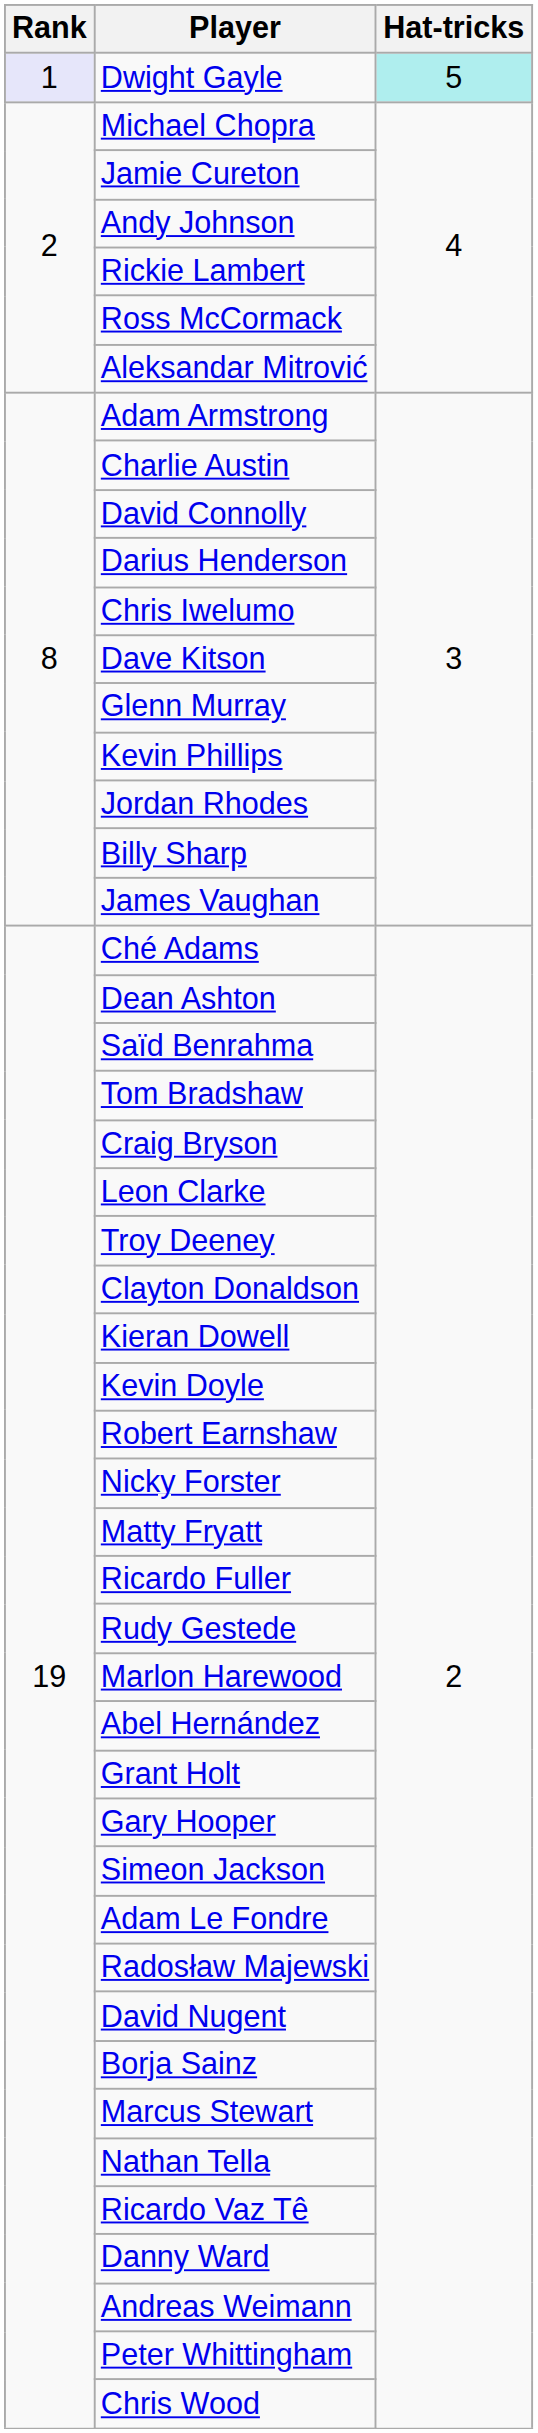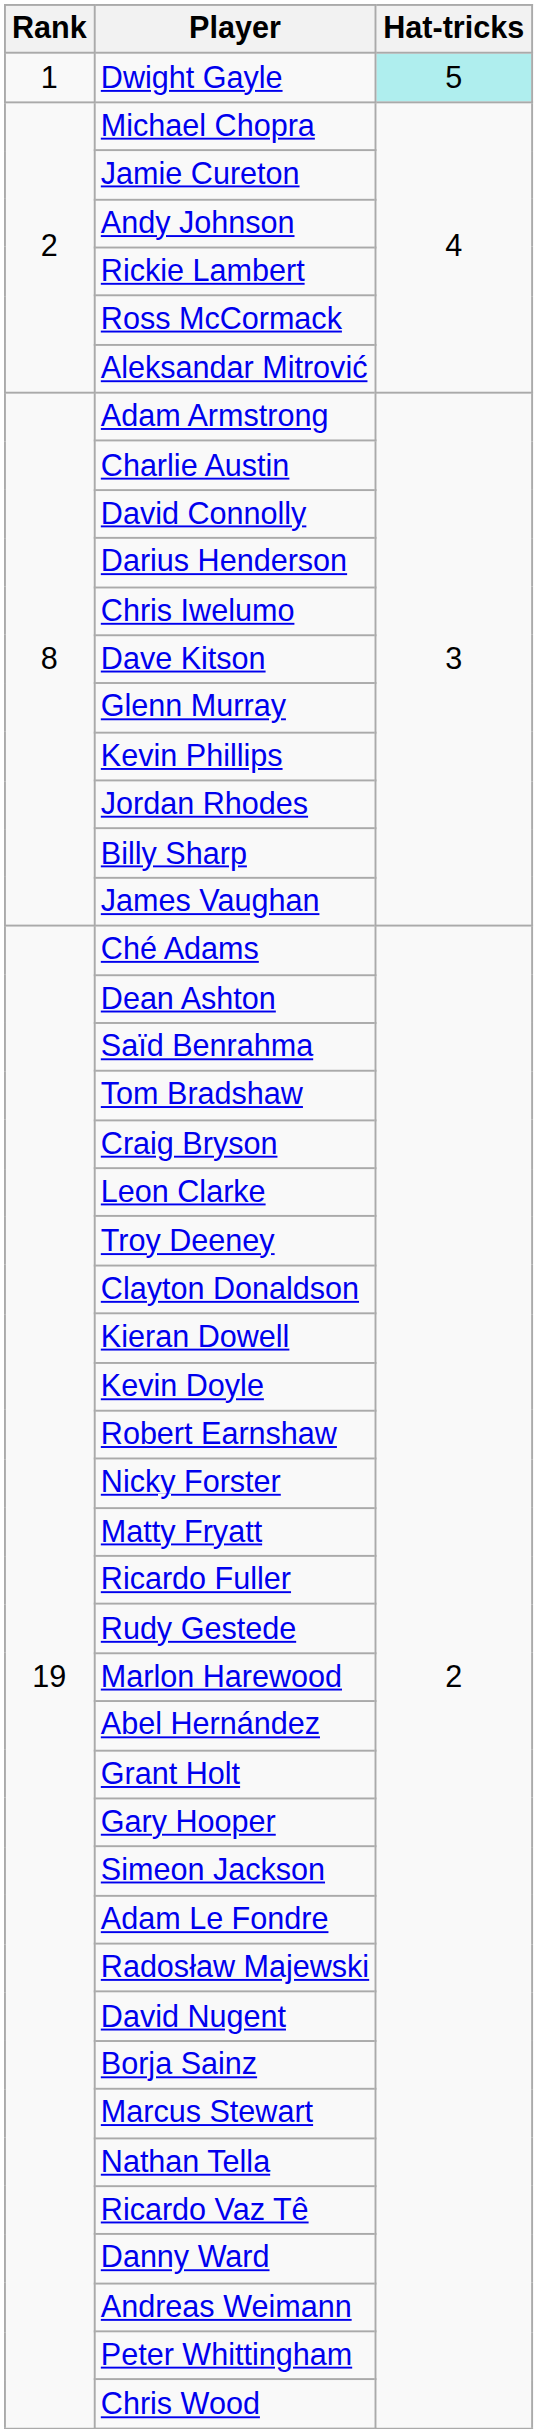 <table class="wikitable">
 <tr>
 <th>Rank</th>
 <th>Player</th>
 <th>Hat-tricks</th>
 </tr>
 <tr>
-<td align="center" style="background: lavender;">1</td>
+<td align="center">1</td>
 <td> <a href='#'>Dwight Gayle</a></td>
 <td rowspan="1" align="center" style="background: paleturquoise;">5</td>
 </tr>
 <tr>
 <td rowspan="6" align="center">2</td>
 <td> <a href='#'>Michael Chopra</a></td>
 <td rowspan="6" align="center">4</td>
 </tr>
 <tr>
 <td> <a href='#'>Jamie Cureton</a></td>
 </tr>
 <tr>
 <td> <a href='#'>Andy Johnson</a></td>
 </tr>
 <tr>
 <td> <a href='#'>Rickie Lambert</a></td>
 </tr>
 <tr>
 <td> <a href='#'>Ross McCormack</a></td>
 </tr>
 <tr>
 <td> <a href='#'>Aleksandar Mitrović</a></td>
 </tr>
 <tr>
 <td align=center rowspan="11">8</td>
 <td> <a href='#'>Adam Armstrong</a></td>
 <td align=center rowspan="11">3</td>
 </tr>
 <tr>
 <td> <a href='#'>Charlie Austin</a></td>
 </tr>
 <tr>
 <td> <a href='#'>David Connolly</a></td>
 </tr>
 <tr>
 <td> <a href='#'>Darius Henderson</a></td>
 </tr>
 <tr>
 <td> <a href='#'>Chris Iwelumo</a></td>
 </tr>
 <tr>
 <td> <a href='#'>Dave Kitson</a></td>
 </tr>
 <tr>
 <td> <a href='#'>Glenn Murray</a></td>
 </tr>
 <tr>
 <td> <a href='#'>Kevin Phillips</a></td>
 </tr>
 <tr>
 <td> <a href='#'>Jordan Rhodes</a></td>
 </tr>
 <tr>
 <td> <a href='#'>Billy Sharp</a></td>
 </tr>
 <tr>
 <td> <a href='#'>James Vaughan</a></td>
 </tr>
 <tr>
 <td align=center rowspan="32">19</td>
 <td> <a href='#'>Ché Adams</a></td>
 <td align=center rowspan="32">2</td>
 </tr>
 <tr>
 <td> <a href='#'>Dean Ashton</a></td>
 </tr>
 <tr>
 <td> <a href='#'>Saïd Benrahma</a></td>
 </tr>
 <tr>
 <td> <a href='#'>Tom Bradshaw</a></td>
 </tr>
 <tr>
 <td> <a href='#'>Craig Bryson</a></td>
 </tr>
 <tr>
 <td> <a href='#'>Leon Clarke</a></td>
 </tr>
 <tr>
 <td> <a href='#'>Troy Deeney</a></td>
 </tr>
 <tr>
 <td> <a href='#'>Clayton Donaldson</a></td>
 </tr>
 <tr>
 <td> <a href='#'>Kieran Dowell</a></td>
 </tr>
 <tr>
 <td> <a href='#'>Kevin Doyle</a></td>
 </tr>
 <tr>
 <td> <a href='#'>Robert Earnshaw</a></td>
 </tr>
 <tr>
 <td> <a href='#'>Nicky Forster</a></td>
 </tr>
 <tr>
 <td> <a href='#'>Matty Fryatt</a></td>
 </tr>
 <tr>
 <td> <a href='#'>Ricardo Fuller</a></td>
 </tr>
 <tr>
 <td> <a href='#'>Rudy Gestede</a></td>
 </tr>
 <tr>
 <td> <a href='#'>Marlon Harewood</a></td>
 </tr>
 <tr>
 <td> <a href='#'>Abel Hernández</a></td>
 </tr>
 <tr>
 <td> <a href='#'>Grant Holt</a></td>
 </tr>
 <tr>
 <td> <a href='#'>Gary Hooper</a></td>
 </tr>
 <tr>
 <td> <a href='#'>Simeon Jackson</a></td>
 </tr>
 <tr>
 <td> <a href='#'>Adam Le Fondre</a></td>
 </tr>
 <tr>
 <td> <a href='#'>Radosław Majewski</a></td>
 </tr>
 <tr>
 <td> <a href='#'>David Nugent</a></td>
 </tr>
 <tr>
 <td> <a href='#'>Borja Sainz</a></td>
 </tr>
 <tr>
 <td> <a href='#'>Marcus Stewart</a></td>
 </tr>
 <tr>
 <td> <a href='#'>Nathan Tella</a></td>
 </tr>
 <tr>
 <td> <a href='#'>Ricardo Vaz Tê</a></td>
 </tr>
 <tr>
 <td> <a href='#'>Danny Ward</a></td>
 </tr>
 <tr>
 <td> <a href='#'>Andreas Weimann</a></td>
 </tr>
 <tr>
 <td> <a href='#'>Peter Whittingham</a></td>
 </tr>
 <tr>
 <td> <a href='#'>Chris Wood</a></td>
 </tr>
 <tr>
 </tr>
 </table>
